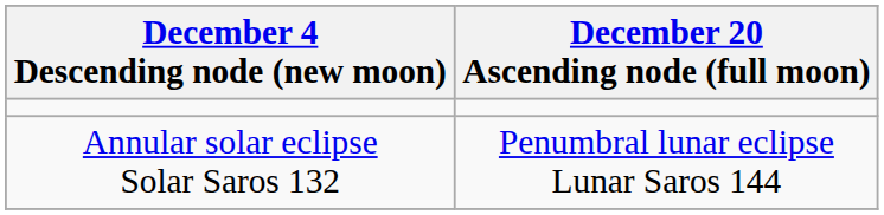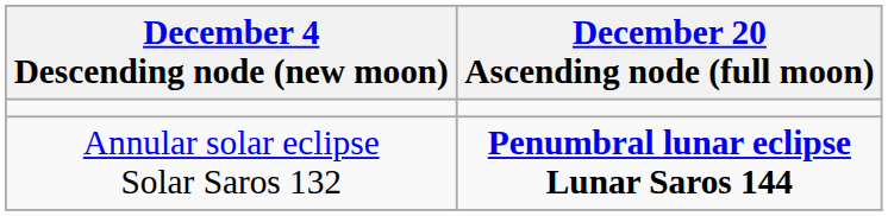 <table class="wikitable">
 <tr>
 <th><a href='#'>December 4</a><br>Descending node (new moon)<br></th>
 <th><a href='#'>December 20</a><br>Ascending node (full moon)<br></th>
 </tr>
 <tr>
 <td></td>
 <td></td>
 </tr>
 <tr align=center>
 <td><a href='#'>Annular solar eclipse</a><br>Solar Saros 132</td>
-<td><a href='#'>Penumbral lunar eclipse</a><br>Lunar Saros 144</td>
+<td><strong><a href='#'>Penumbral lunar eclipse</a><br>Lunar Saros 144</strong></td>
 </tr>
 </table>
